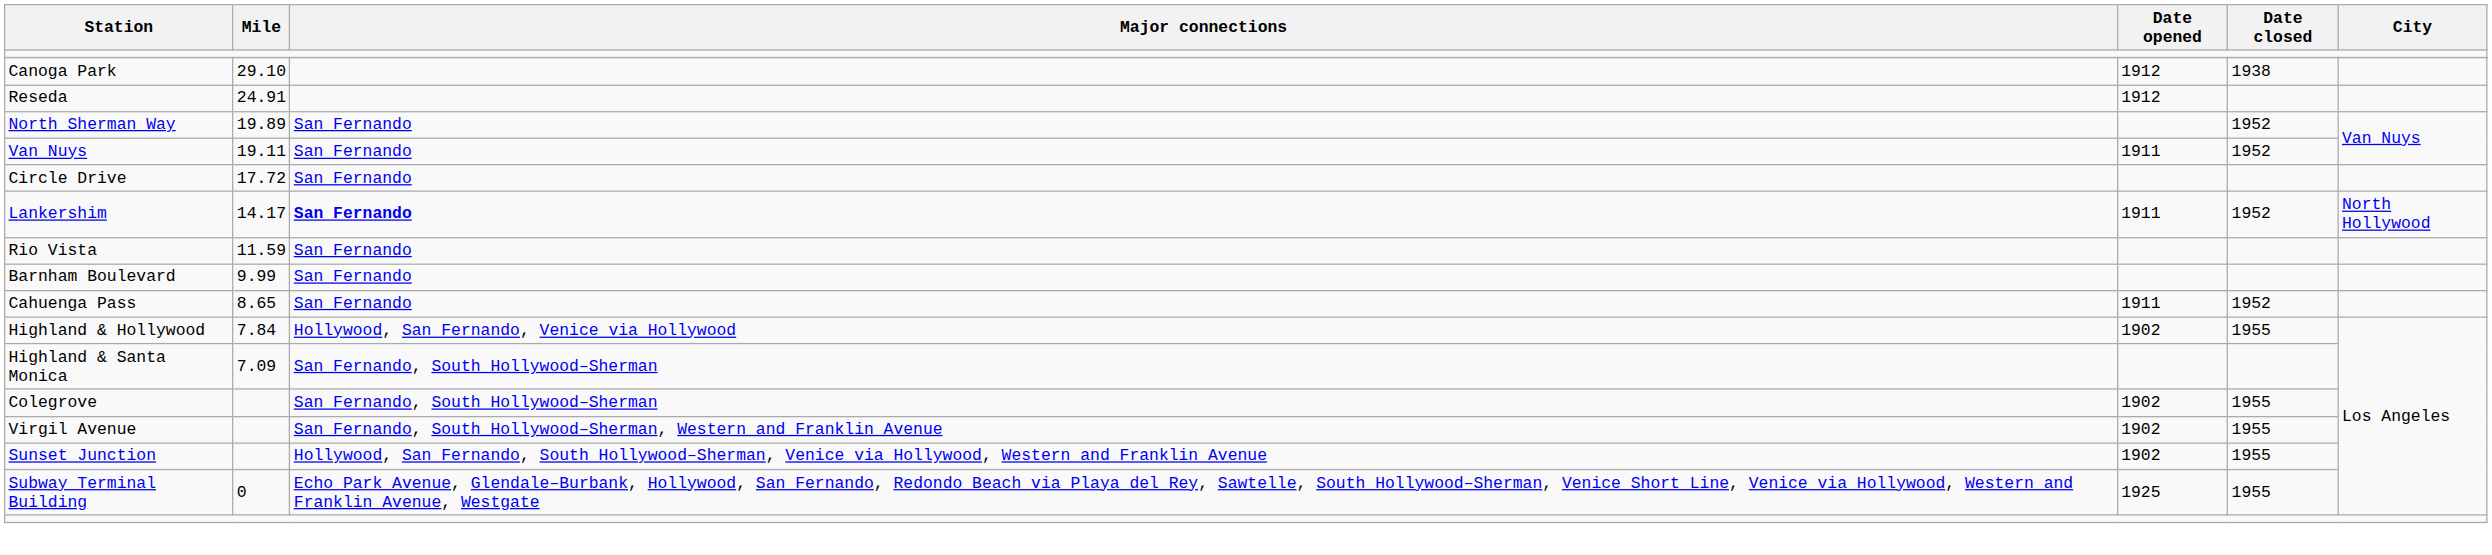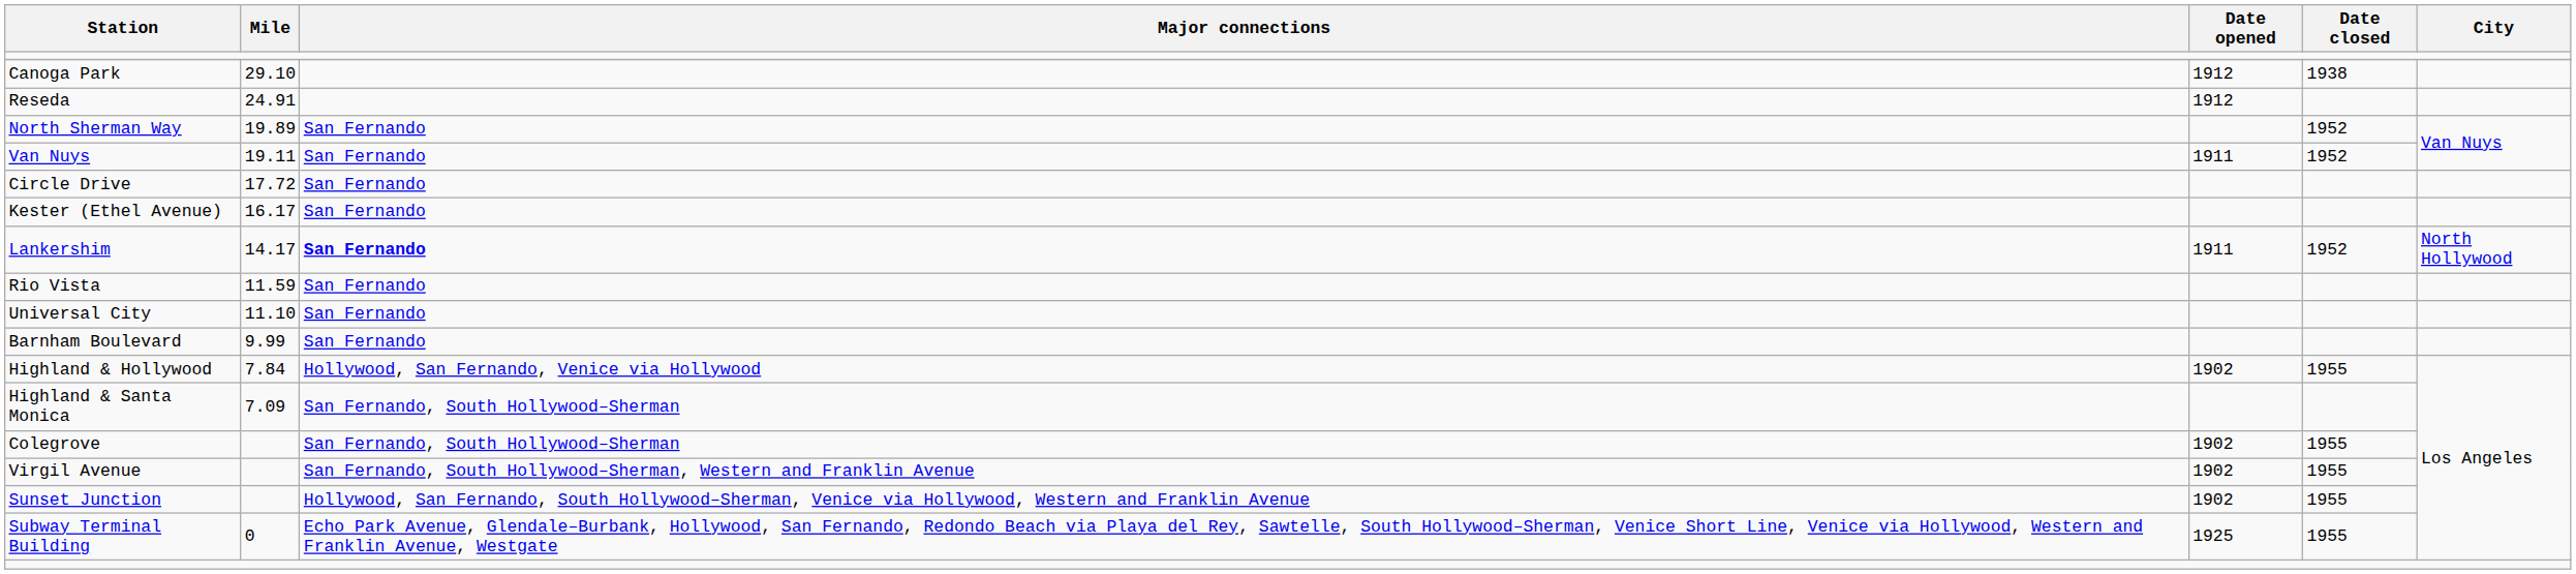 <table class="wikitable">
 <tr>
 <th>Station</th>
 <th>Mile</th>
 <th>Major connections</th>
 <th>Date opened</th>
 <th>Date closed</th>
 <th>City</th>
 </tr>
 <tr>
 <td colspan = "6"></td>
 </tr>
 <tr>
 </tr>
 <tr>
 <td>Canoga Park</td>
 <td>29.10</td>
 <td></td>
 <td>1912</td>
 <td>1938</td>
 <td></td>
 </tr>
 <tr>
 <td>Reseda</td>
 <td>24.91</td>
 <td></td>
 <td>1912</td>
 <td></td>
 <td></td>
 </tr>
 <tr>
 <td><a href='#'>North Sherman Way</a></td>
 <td>19.89</td>
 <td><a href='#'>San Fernando</a></td>
 <td></td>
 <td>1952</td>
 <td rowspan=2><a href='#'>Van Nuys</a></td>
 </tr>
 <tr>
 <td><a href='#'>Van Nuys</a></td>
 <td>19.11</td>
 <td><a href='#'>San Fernando</a></td>
 <td>1911</td>
 <td>1952</td>
 </tr>
 <tr>
 <td>Circle Drive</td>
 <td>17.72</td>
 <td><a href='#'>San Fernando</a></td>
 <td></td>
 <td></td>
 <td></td>
 </tr>
 <tr>
+<td>Kester (Ethel Avenue)</td>
+<td>16.17</td>
+<td><a href='#'>San Fernando</a></td>
+<td></td>
+<td></td>
+<td></td>
+</tr>
+<tr>
 <td><a href='#'>Lankershim<br></a></td>
 <td>14.17</td>
 <td><strong><a href='#'>San Fernando</a></strong></td>
 <td>1911</td>
 <td>1952</td>
 <td rowspan=1><a href='#'>North Hollywood</a></td>
 </tr>
 <tr>
 <td>Rio Vista</td>
 <td>11.59</td>
 <td><a href='#'>San Fernando</a></td>
 <td></td>
 <td></td>
 <td></td>
 </tr>
 <tr>
+<td>Universal City</td>
+<td>11.10</td>
+<td><a href='#'>San Fernando</a></td>
+<td></td>
+<td></td>
+<td></td>
+</tr>
+<tr>
 <td>Barnham Boulevard</td>
 <td>9.99</td>
 <td><a href='#'>San Fernando</a></td>
 <td></td>
-<td></td>
-</tr>
-<tr>
-<td>Cahuenga Pass</td>
-<td>8.65</td>
-<td><a href='#'>San Fernando</a></td>
-<td>1911</td>
-<td>1952</td>
 <td></td>
 </tr>
 <tr>
 <td>Highland & Hollywood</td>
 <td>7.84</td>
 <td><a href='#'>Hollywood</a>, <a href='#'>San Fernando</a>, <a href='#'>Venice via Hollywood</a></td>
 <td>1902</td>
 <td>1955</td>
 <td rowspan=6>Los Angeles</td>
 </tr>
 <tr>
 <td>Highland & Santa Monica</td>
 <td>7.09</td>
 <td><a href='#'>San Fernando</a>, <a href='#'>South Hollywood–Sherman</a></td>
 <td></td>
 <td></td>
 </tr>
 <tr>
 <td>Colegrove</td>
 <td></td>
 <td><a href='#'>San Fernando</a>, <a href='#'>South Hollywood–Sherman</a></td>
 <td>1902</td>
 <td>1955</td>
 </tr>
 <tr>
 <td>Virgil Avenue</td>
 <td></td>
 <td><a href='#'>San Fernando</a>, <a href='#'>South Hollywood–Sherman</a>, <a href='#'>Western and Franklin Avenue</a></td>
 <td>1902</td>
 <td>1955</td>
 </tr>
 <tr>
 <td><a href='#'>Sunset Junction</a></td>
 <td></td>
 <td><a href='#'>Hollywood</a>, <a href='#'>San Fernando</a>, <a href='#'>South Hollywood–Sherman</a>, <a href='#'>Venice via Hollywood</a>, <a href='#'>Western and Franklin Avenue</a></td>
 <td>1902</td>
 <td>1955</td>
 </tr>
 <tr>
 <td><a href='#'>Subway Terminal Building</a></td>
 <td>0</td>
 <td><a href='#'>Echo Park Avenue</a>, <a href='#'>Glendale–Burbank</a>, <a href='#'>Hollywood</a>, <a href='#'>San Fernando</a>, <a href='#'>Redondo Beach via Playa del Rey</a>, <a href='#'>Sawtelle</a>, <a href='#'>South Hollywood–Sherman</a>, <a href='#'>Venice Short Line</a>, <a href='#'>Venice via Hollywood</a>, <a href='#'>Western and Franklin Avenue</a>, <a href='#'>Westgate</a></td>
 <td>1925</td>
 <td>1955</td>
 </tr>
 <tr>
 <td colspan = "6"></td>
 </tr>
 </table>
